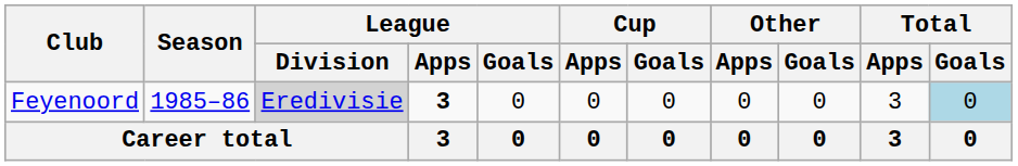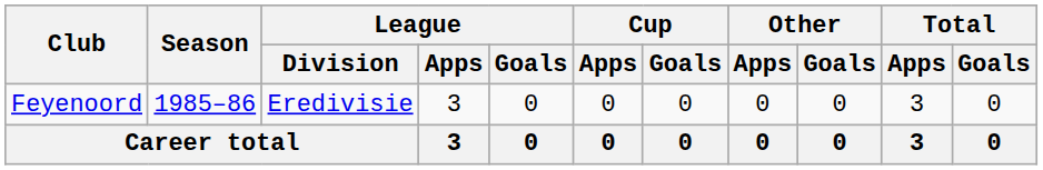 <table class="wikitable" style="text-align: center">
 <tr>
 <th rowspan="2">Club</th>
 <th rowspan="2">Season</th>
 <th colspan="3">League</th>
 <th colspan="2">Cup</th>
 <th colspan="2">Other</th>
 <th colspan="2">Total</th>
 </tr>
 <tr>
 <th>Division</th>
 <th>Apps</th>
 <th>Goals</th>
 <th>Apps</th>
 <th>Goals</th>
 <th>Apps</th>
 <th>Goals</th>
 <th>Apps</th>
 <th>Goals</th>
 </tr>
 <tr>
 <td><a href='#'>Feyenoord</a></td>
 <td><a href='#'>1985–86</a></td>
-<td style="background: lightgrey;"><a href='#'>Eredivisie</a></td>
-<td><strong>3</strong></td>
+<td><a href='#'>Eredivisie</a></td>
+<td>3</td>
 <td>0</td>
 <td>0</td>
 <td>0</td>
 <td>0</td>
 <td>0</td>
 <td>3</td>
-<td style="background: lightblue;">0</td>
+<td>0</td>
 </tr>
 <tr>
 <th colspan="3"><strong>Career total</strong></th>
 <th>3</th>
 <th>0</th>
 <th>0</th>
 <th>0</th>
 <th>0</th>
 <th>0</th>
 <th>3</th>
 <th>0</th>
 </tr>
 </table>
